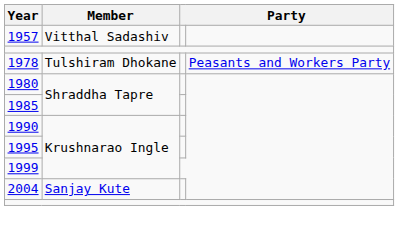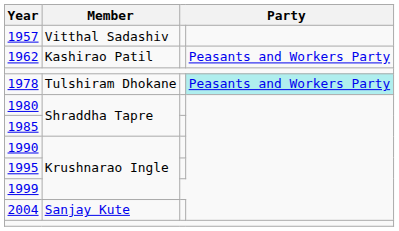 <table class = wikitable sortable>
 <tr>
 <th>Year</th>
 <th>Member</th>
 <th colspan=2>Party</th>
 </tr>
 <tr>
 <td><a href='#'>1957</a></td>
 <td>Vitthal Sadashiv</td>
 <td></td>
 </tr>
 <tr>
+<td><a href='#'>1962</a></td>
+<td>Kashirao Patil</td>
+<td style="background-color: "></td>
+<td><a href='#'>Peasants and Workers Party</a></td>
+</tr>
+<tr>
 <td colspan="4"></td>
 </tr>
 <tr>
 <td><a href='#'>1978</a></td>
 <td>Tulshiram Dhokane</td>
 <td style="background-color: "></td>
-<td><a href='#'>Peasants and Workers Party</a></td>
+<td style="background: paleturquoise;"><a href='#'>Peasants and Workers Party</a></td>
 </tr>
 <tr>
 <td><a href='#'>1980</a></td>
 <td rowspan="2">Shraddha Tapre</td>
 <td></td>
 </tr>
 <tr>
 <td><a href='#'>1985</a></td>
 <td></td>
 </tr>
 <tr>
 <td><a href='#'>1990</a></td>
 <td rowspan="3">Krushnarao Ingle</td>
 <td></td>
 </tr>
 <tr>
 <td><a href='#'>1995</a></td>
 <td></td>
 </tr>
 <tr>
 <td><a href='#'>1999</a></td>
 </tr>
 <tr>
 <td><a href='#'>2004</a></td>
 <td><a href='#'>Sanjay Kute</a></td>
 <td></td>
 </tr>
 <tr>
 <td colspan="4"></td>
 </tr>
 </table>
